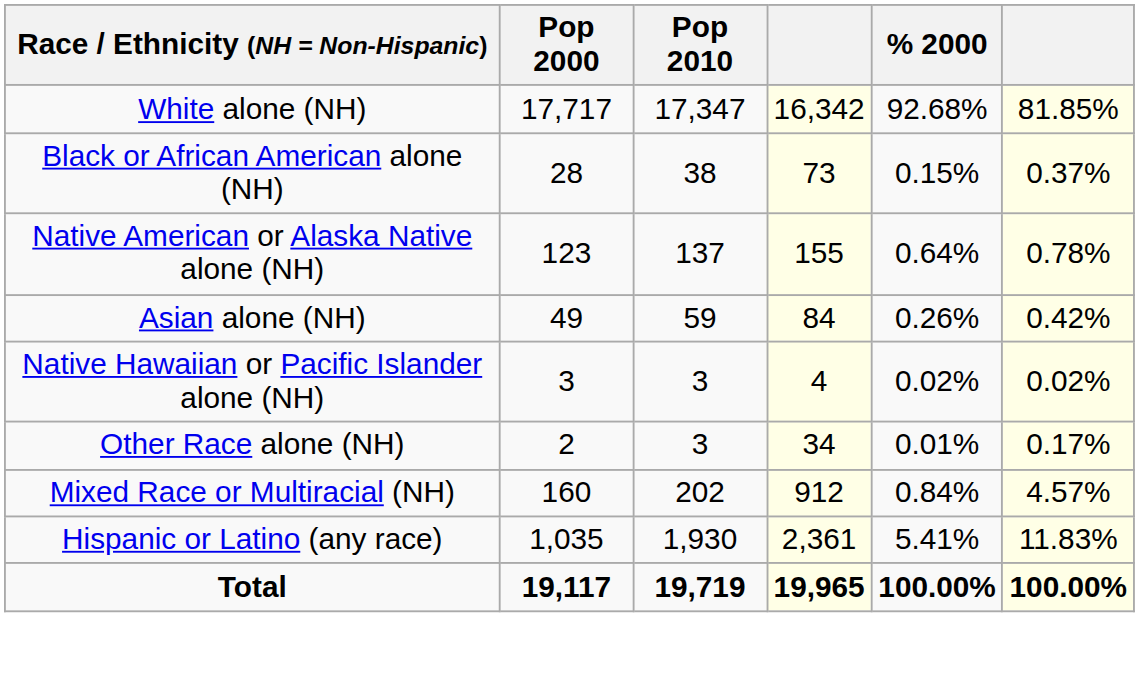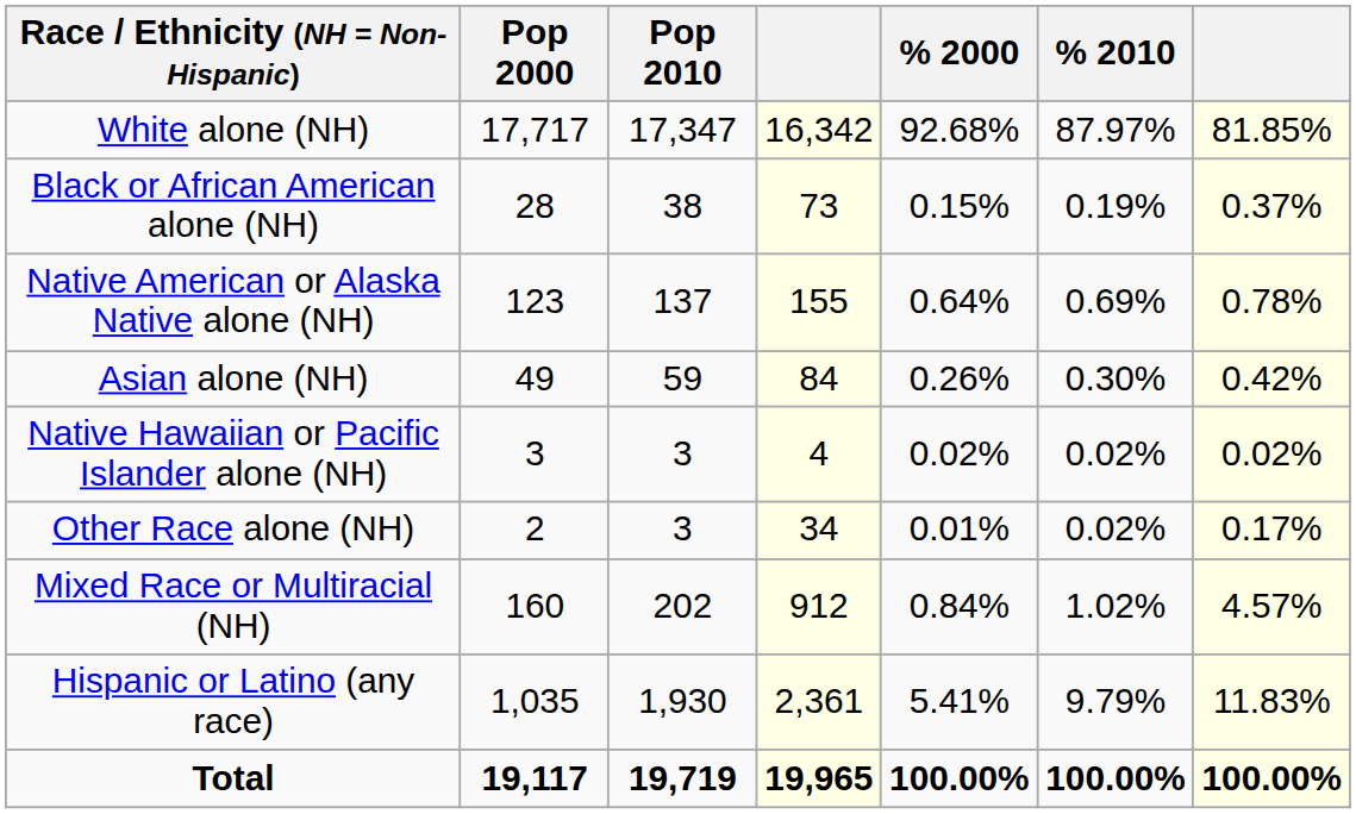 <table class="wikitable" style="text-align:center;">
 <tr>
 <th>Race / Ethnicity <small>(<em>NH = Non-Hispanic</em>)</small></th>
 <th>Pop 2000</th>
 <th>Pop 2010</th>
 <th></th>
 <th>% 2000</th>
+<th>% 2010</th>
 <th></th>
 </tr>
 <tr>
 <td><a href='#'>White</a> alone (NH)</td>
 <td>17,717</td>
 <td>17,347</td>
 <td style='background: #ffffe6;'>16,342</td>
 <td>92.68%</td>
+<td>87.97%</td>
 <td style='background: #ffffe6;'>81.85%</td>
 </tr>
 <tr>
 <td><a href='#'>Black or African American</a> alone (NH)</td>
 <td>28</td>
 <td>38</td>
 <td style='background: #ffffe6;'>73</td>
 <td>0.15%</td>
+<td>0.19%</td>
 <td style='background: #ffffe6;'>0.37%</td>
 </tr>
 <tr>
 <td><a href='#'>Native American</a> or <a href='#'>Alaska Native</a> alone (NH)</td>
 <td>123</td>
 <td>137</td>
 <td style='background: #ffffe6;'>155</td>
 <td>0.64%</td>
+<td>0.69%</td>
 <td style='background: #ffffe6;'>0.78%</td>
 </tr>
 <tr>
 <td><a href='#'>Asian</a> alone (NH)</td>
 <td>49</td>
 <td>59</td>
 <td style='background: #ffffe6;'>84</td>
 <td>0.26%</td>
+<td>0.30%</td>
 <td style='background: #ffffe6;'>0.42%</td>
 </tr>
 <tr>
 <td><a href='#'>Native Hawaiian</a> or <a href='#'>Pacific Islander</a> alone (NH)</td>
 <td>3</td>
 <td>3</td>
 <td style='background: #ffffe6;'>4</td>
+<td>0.02%</td>
 <td>0.02%</td>
 <td style='background: #ffffe6;'>0.02%</td>
 </tr>
 <tr>
 <td><a href='#'>Other Race</a> alone (NH)</td>
 <td>2</td>
 <td>3</td>
 <td style='background: #ffffe6;'>34</td>
 <td>0.01%</td>
+<td>0.02%</td>
 <td style='background: #ffffe6;'>0.17%</td>
 </tr>
 <tr>
 <td><a href='#'>Mixed Race or Multiracial</a> (NH)</td>
 <td>160</td>
 <td>202</td>
 <td style='background: #ffffe6;'>912</td>
 <td>0.84%</td>
+<td>1.02%</td>
 <td style='background: #ffffe6;'>4.57%</td>
 </tr>
 <tr>
 <td><a href='#'>Hispanic or Latino</a> (any race)</td>
 <td>1,035</td>
 <td>1,930</td>
 <td style='background: #ffffe6;'>2,361</td>
 <td>5.41%</td>
+<td>9.79%</td>
 <td style='background: #ffffe6;'>11.83%</td>
 </tr>
 <tr>
 <td><strong>Total</strong></td>
 <td><strong>19,117</strong></td>
 <td><strong>19,719</strong></td>
 <td style='background: #ffffe6;'><strong>19,965</strong></td>
 <td><strong>100.00%</strong></td>
+<td><strong>100.00%</strong></td>
 <td style='background: #ffffe6;'><strong>100.00%</strong></td>
 </tr>
 </table>
